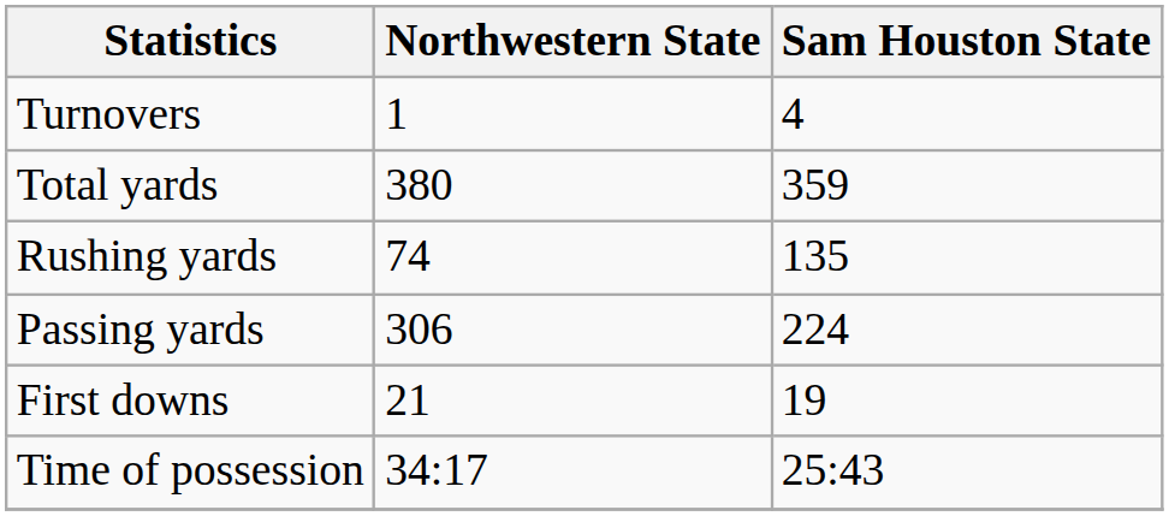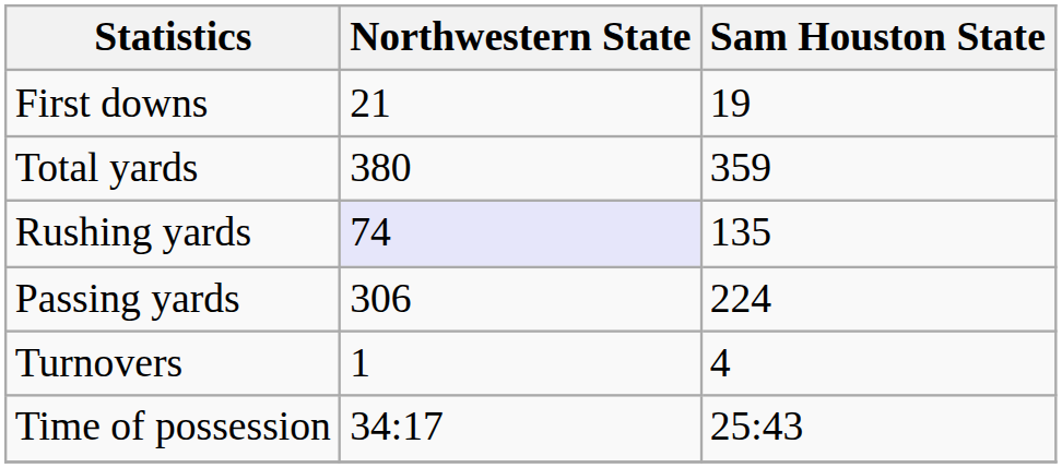 <table class="wikitable">
 <tr>
 <th>Statistics</th>
 <th>Northwestern State</th>
 <th>Sam Houston State</th>
 </tr>
 <tr>
-<td>Turnovers</td>
-<td>1</td>
-<td>4</td>
+<td>First downs</td>
+<td>21</td>
+<td>19</td>
 </tr>
 <tr>
 <td>Total yards</td>
 <td>380</td>
 <td>359</td>
 </tr>
 <tr>
 <td>Rushing yards</td>
-<td>74</td>
+<td style="background: lavender;">74</td>
 <td>135</td>
 </tr>
 <tr>
 <td>Passing yards</td>
 <td>306</td>
 <td>224</td>
 </tr>
 <tr>
-<td>First downs</td>
-<td>21</td>
-<td>19</td>
+<td>Turnovers</td>
+<td>1</td>
+<td>4</td>
 </tr>
 <tr>
 <td>Time of possession</td>
 <td>34:17</td>
 <td>25:43</td>
 </tr>
 <tr>
 </tr>
 </table>
